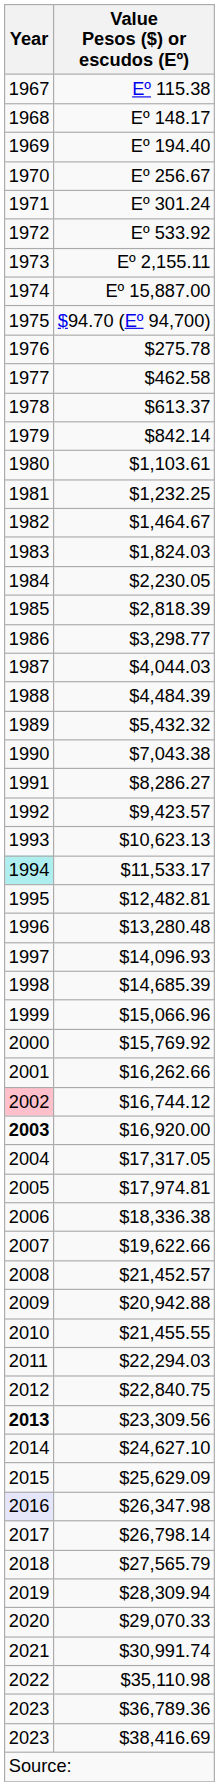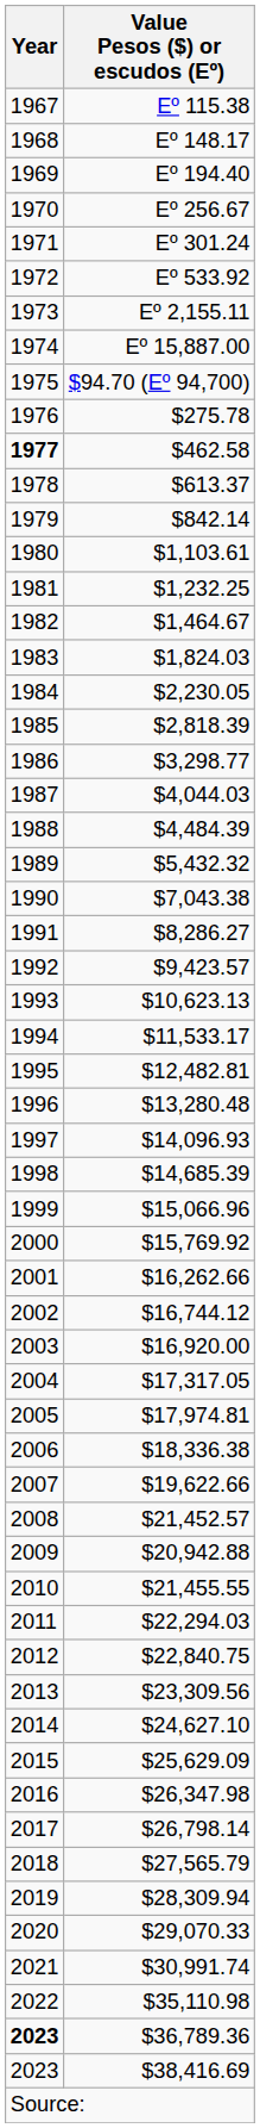 <table class="wikitable">
 <tr>
 <th>Year</th>
 <th>Value<br>Pesos ($) or<br>escudos (Eº)</th>
 </tr>
 <tr>
 <td>1967</td>
 <td style="text-align:right;"><a href='#'>Eº</a> 115.38</td>
 </tr>
 <tr>
 <td>1968</td>
 <td style="text-align:right;">Eº 148.17</td>
 </tr>
 <tr>
 <td>1969</td>
 <td style="text-align:right;">Eº 194.40</td>
 </tr>
 <tr>
 <td>1970</td>
 <td style="text-align:right;">Eº 256.67</td>
 </tr>
 <tr>
 <td>1971</td>
 <td style="text-align:right;">Eº 301.24</td>
 </tr>
 <tr>
 <td>1972</td>
 <td style="text-align:right;">Eº 533.92</td>
 </tr>
 <tr>
 <td>1973</td>
 <td style="text-align:right;">Eº 2,155.11</td>
 </tr>
 <tr>
 <td>1974</td>
 <td style="text-align:right;">Eº 15,887.00</td>
 </tr>
 <tr>
 <td>1975</td>
 <td style="text-align:right;"><a href='#'>$</a>94.70 (<a href='#'>Eº</a> 94,700)</td>
 </tr>
 <tr>
 <td>1976</td>
 <td style="text-align:right;">$275.78</td>
 </tr>
 <tr>
-<td>1977</td>
+<td><strong>1977</strong></td>
 <td style="text-align:right;">$462.58</td>
 </tr>
 <tr>
 <td>1978</td>
 <td style="text-align:right;">$613.37</td>
 </tr>
 <tr>
 <td>1979</td>
 <td style="text-align:right;">$842.14</td>
 </tr>
 <tr>
 <td>1980</td>
 <td style="text-align:right;">$1,103.61</td>
 </tr>
 <tr>
 <td>1981</td>
 <td style="text-align:right;">$1,232.25</td>
 </tr>
 <tr>
 <td>1982</td>
 <td style="text-align:right;">$1,464.67</td>
 </tr>
 <tr>
 <td>1983</td>
 <td style="text-align:right;">$1,824.03</td>
 </tr>
 <tr>
 <td>1984</td>
 <td style="text-align:right;">$2,230.05</td>
 </tr>
 <tr>
 <td>1985</td>
 <td style="text-align:right;">$2,818.39</td>
 </tr>
 <tr>
 <td>1986</td>
 <td style="text-align:right;">$3,298.77</td>
 </tr>
 <tr>
 <td>1987</td>
 <td style="text-align:right;">$4,044.03</td>
 </tr>
 <tr>
 <td>1988</td>
 <td style="text-align:right;">$4,484.39</td>
 </tr>
 <tr>
 <td>1989</td>
 <td style="text-align:right;">$5,432.32</td>
 </tr>
 <tr>
 <td>1990</td>
 <td style="text-align:right;">$7,043.38</td>
 </tr>
 <tr>
 <td>1991</td>
 <td style="text-align:right;">$8,286.27</td>
 </tr>
 <tr>
 <td>1992</td>
 <td style="text-align:right;">$9,423.57</td>
 </tr>
 <tr>
 <td>1993</td>
 <td style="text-align:right;">$10,623.13</td>
 </tr>
 <tr>
-<td style="background: paleturquoise;">1994</td>
+<td>1994</td>
 <td style="text-align:right;">$11,533.17</td>
 </tr>
 <tr>
 <td>1995</td>
 <td style="text-align:right;">$12,482.81</td>
 </tr>
 <tr>
 <td>1996</td>
 <td style="text-align:right;">$13,280.48</td>
 </tr>
 <tr>
 <td>1997</td>
 <td style="text-align:right;">$14,096.93</td>
 </tr>
 <tr>
 <td>1998</td>
 <td style="text-align:right;">$14,685.39</td>
 </tr>
 <tr>
 <td>1999</td>
 <td style="text-align:right;">$15,066.96</td>
 </tr>
 <tr>
 <td>2000</td>
 <td style="text-align:right;">$15,769.92</td>
 </tr>
 <tr>
 <td>2001</td>
 <td style="text-align:right;">$16,262.66</td>
 </tr>
 <tr>
-<td style="background: pink;">2002</td>
+<td>2002</td>
 <td style="text-align:right;">$16,744.12</td>
 </tr>
 <tr>
-<td><strong>2003</strong></td>
+<td>2003</td>
 <td style="text-align:right;">$16,920.00</td>
 </tr>
 <tr>
 <td>2004</td>
 <td style="text-align:right;">$17,317.05</td>
 </tr>
 <tr ->
 <td>2005</td>
 <td style="text-align:right;">$17,974.81</td>
 </tr>
 <tr>
 <td>2006</td>
 <td style="text-align:right;">$18,336.38</td>
 </tr>
 <tr>
 <td>2007</td>
 <td style="text-align:right;">$19,622.66</td>
 </tr>
 <tr>
 <td>2008</td>
 <td style="text-align:right;">$21,452.57</td>
 </tr>
 <tr>
 <td>2009</td>
 <td style="text-align:right;">$20,942.88</td>
 </tr>
 <tr>
 <td>2010</td>
 <td style="text-align:right;">$21,455.55</td>
 </tr>
 <tr>
 <td>2011</td>
 <td style="text-align:right;">$22,294.03</td>
 </tr>
 <tr>
 <td>2012</td>
 <td style="text-align:right;">$22,840.75</td>
 </tr>
 <tr>
-<td><strong>2013</strong></td>
+<td>2013</td>
 <td style="text-align:right;">$23,309.56</td>
 </tr>
 <tr>
 <td>2014</td>
 <td style="text-align:right;">$24,627.10</td>
 </tr>
 <tr>
 <td>2015</td>
 <td style="text-align:right;">$25,629.09</td>
 </tr>
 <tr>
-<td style="background: lavender;">2016</td>
+<td>2016</td>
 <td style="text-align:right;">$26,347.98</td>
 </tr>
 <tr>
 <td>2017</td>
 <td style="text-align:right;">$26,798.14</td>
 </tr>
 <tr>
 <td>2018</td>
 <td style="text-align:right;">$27,565.79</td>
 </tr>
 <tr>
 <td>2019</td>
 <td style="text-align:right;">$28,309.94</td>
 </tr>
 <tr>
 <td>2020</td>
 <td style="text-align:right;">$29,070.33</td>
 </tr>
 <tr>
 <td>2021</td>
 <td style="text-align:right;">$30,991.74</td>
 </tr>
 <tr>
 <td>2022</td>
 <td style="text-align:right;">$35,110.98</td>
 </tr>
 <tr>
-<td>2023</td>
+<td><strong>2023</strong></td>
 <td style="text-align:right;">$36,789.36</td>
 </tr>
 <tr>
 <td>2023</td>
 <td style="text-align:right;">$38,416.69</td>
 </tr>
 <tr>
 <td colspan="2">Source: </td>
 </tr>
 </table>
